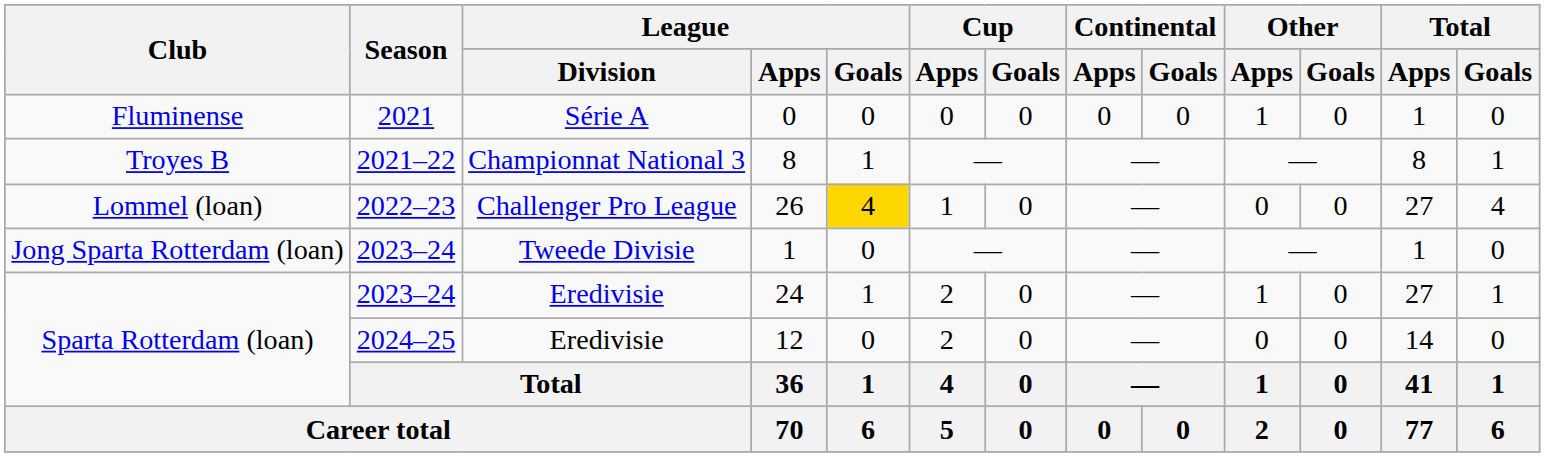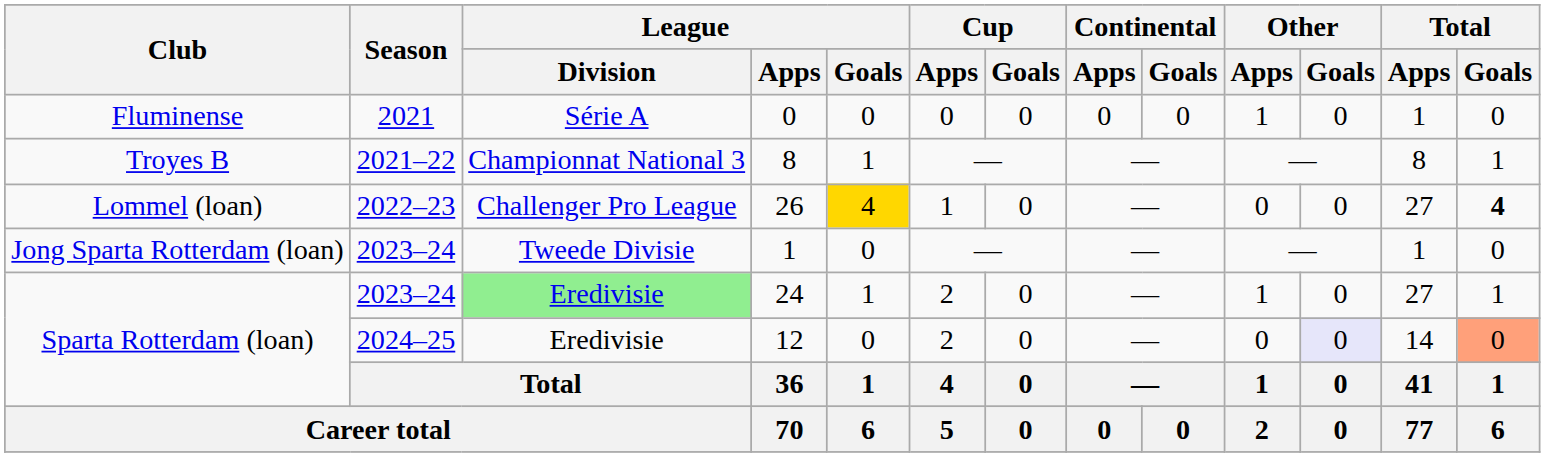 <table class="wikitable" style="text-align: center">
 <tr>
 <th rowspan="2">Club</th>
 <th rowspan="2">Season</th>
 <th colspan="3">League</th>
 <th colspan="2">Cup</th>
 <th colspan="2">Continental</th>
 <th colspan="2">Other</th>
 <th colspan="2">Total</th>
 </tr>
 <tr>
 <th>Division</th>
 <th>Apps</th>
 <th>Goals</th>
 <th>Apps</th>
 <th>Goals</th>
 <th>Apps</th>
 <th>Goals</th>
 <th>Apps</th>
 <th>Goals</th>
 <th>Apps</th>
 <th>Goals</th>
 </tr>
 <tr>
 <td><a href='#'>Fluminense</a></td>
 <td><a href='#'>2021</a></td>
 <td><a href='#'>Série A</a></td>
 <td>0</td>
 <td>0</td>
 <td>0</td>
 <td>0</td>
 <td>0</td>
 <td>0</td>
 <td>1</td>
 <td>0</td>
 <td>1</td>
 <td>0</td>
 </tr>
 <tr>
 <td><a href='#'>Troyes B</a></td>
 <td><a href='#'>2021–22</a></td>
 <td><a href='#'>Championnat National 3</a></td>
 <td>8</td>
 <td>1</td>
 <td colspan="2">—</td>
 <td colspan="2">—</td>
 <td colspan="2">—</td>
 <td>8</td>
 <td>1</td>
 </tr>
 <tr>
 <td><a href='#'>Lommel</a> (loan)</td>
 <td><a href='#'>2022–23</a></td>
 <td><a href='#'>Challenger Pro League</a></td>
 <td>26</td>
 <td style="background: gold;">4</td>
 <td>1</td>
 <td>0</td>
 <td colspan="2">—</td>
 <td>0</td>
 <td>0</td>
 <td>27</td>
-<td>4</td>
+<td><strong>4</strong></td>
 </tr>
 <tr>
 <td><a href='#'>Jong Sparta Rotterdam</a> (loan)</td>
 <td><a href='#'>2023–24</a></td>
 <td><a href='#'>Tweede Divisie</a></td>
 <td>1</td>
 <td>0</td>
 <td colspan="2">—</td>
 <td colspan="2">—</td>
 <td colspan="2">—</td>
 <td>1</td>
 <td>0</td>
 </tr>
 <tr>
 <td rowspan="3"><a href='#'>Sparta Rotterdam</a> (loan)</td>
 <td><a href='#'>2023–24</a></td>
-<td><a href='#'>Eredivisie</a></td>
+<td style="background: lightgreen;"><a href='#'>Eredivisie</a></td>
 <td>24</td>
 <td>1</td>
 <td>2</td>
 <td>0</td>
 <td colspan="2">—</td>
 <td>1</td>
 <td>0</td>
 <td>27</td>
 <td>1</td>
 </tr>
 <tr>
 <td><a href='#'>2024–25</a></td>
 <td>Eredivisie</td>
 <td>12</td>
 <td>0</td>
 <td>2</td>
 <td>0</td>
 <td colspan="2">—</td>
 <td>0</td>
-<td>0</td>
+<td style="background: lavender;">0</td>
 <td>14</td>
-<td>0</td>
+<td style="background: lightsalmon;">0</td>
 </tr>
 <tr>
 <th colspan="2">Total</th>
 <th>36</th>
 <th>1</th>
 <th>4</th>
 <th>0</th>
 <th colspan="2">—</th>
 <th>1</th>
 <th>0</th>
 <th>41</th>
 <th>1</th>
 </tr>
 <tr>
 <th colspan="3"><strong>Career total</strong></th>
 <th>70</th>
 <th>6</th>
 <th>5</th>
 <th>0</th>
 <th>0</th>
 <th>0</th>
 <th>2</th>
 <th>0</th>
 <th>77</th>
 <th>6</th>
 </tr>
 </table>
